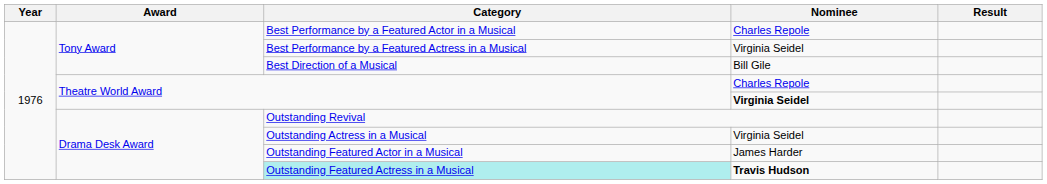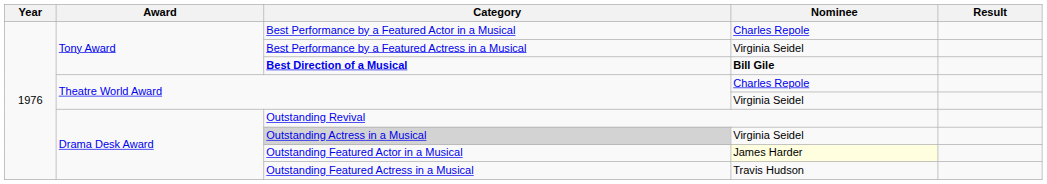 <table class="wikitable" width="95%">
 <tr>
 <th width="5%">Year</th>
 <th width="20%">Award</th>
 <th width="45%">Category</th>
 <th width="20%">Nominee</th>
 <th width="10%">Result</th>
 </tr>
 <tr>
 <td rowspan="9" align="center">1976</td>
 <td rowspan="3"><a href='#'>Tony Award</a></td>
 <td><a href='#'>Best Performance by a Featured Actor in a Musical</a></td>
 <td><a href='#'>Charles Repole</a></td>
 <td></td>
 </tr>
 <tr>
 <td><a href='#'>Best Performance by a Featured Actress in a Musical</a></td>
 <td>Virginia Seidel</td>
 <td></td>
 </tr>
 <tr>
-<td><a href='#'>Best Direction of a Musical</a></td>
-<td>Bill Gile</td>
+<td><strong><a href='#'>Best Direction of a Musical</a></strong></td>
+<td><strong>Bill Gile</strong></td>
 <td></td>
 </tr>
 <tr>
 <td rowspan="2" colspan="2"><a href='#'>Theatre World Award</a></td>
 <td><a href='#'>Charles Repole</a></td>
 <td></td>
 </tr>
 <tr>
-<td><strong>Virginia Seidel</strong></td>
+<td>Virginia Seidel</td>
 <td></td>
 </tr>
 <tr>
 <td rowspan="4"><a href='#'>Drama Desk Award</a></td>
 <td colspan="2"><a href='#'>Outstanding Revival</a></td>
 <td></td>
 </tr>
 <tr>
-<td><a href='#'>Outstanding Actress in a Musical</a></td>
+<td style="background: lightgrey;"><a href='#'>Outstanding Actress in a Musical</a></td>
 <td>Virginia Seidel</td>
 <td></td>
 </tr>
 <tr>
 <td><a href='#'>Outstanding Featured Actor in a Musical</a></td>
-<td>James Harder</td>
+<td style="background: lightyellow;">James Harder</td>
 <td></td>
 </tr>
 <tr>
-<td style="background: paleturquoise;"><a href='#'>Outstanding Featured Actress in a Musical</a></td>
-<td><strong>Travis Hudson</strong></td>
+<td><a href='#'>Outstanding Featured Actress in a Musical</a></td>
+<td>Travis Hudson</td>
 <td></td>
 </tr>
 </table>
